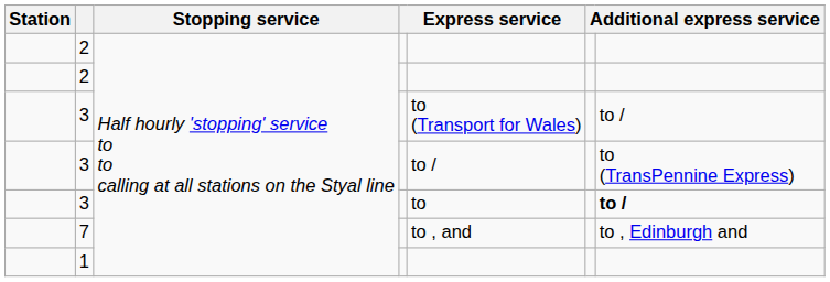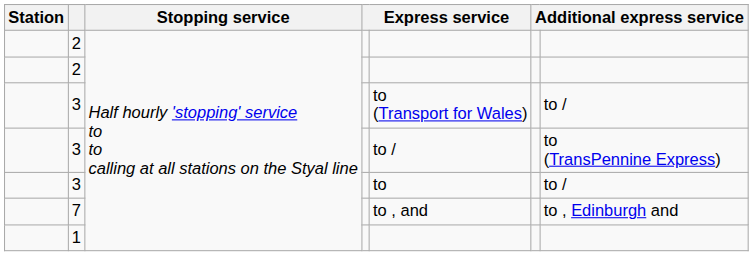 <table class="wikitable">
 <tr>
 <th>Station</th>
 <th></th>
 <th>Stopping service</th>
 <th colspan="2">Express service</th>
 <th colspan="2">Additional express service</th>
 </tr>
 <tr>
 <td></td>
 <td>2</td>
 <td rowspan="7"><em>Half hourly <a href='#'>'stopping' service</a> <br>  to  <br>  to <br> calling at all stations on the Styal line</em></td>
 <td></td>
 <td></td>
 <td></td>
 </tr>
 <tr>
 <td></td>
 <td>2</td>
 <td></td>
 <td></td>
 <td></td>
 <td></td>
 </tr>
 <tr>
 <td></td>
 <td>3</td>
 <td style="background:#"></td>
 <td> to  <br>(<a href='#'>Transport for Wales</a>)</td>
 <td style="background:#"></td>
 <td> to /</td>
 </tr>
 <tr>
 <td></td>
 <td>3</td>
 <td style="background:#"></td>
 <td> to /</td>
 <td style="background:#"></td>
 <td> to <br> (<a href='#'>TransPennine Express</a>)</td>
 </tr>
 <tr>
 <td></td>
 <td>3</td>
 <td style="background:#"></td>
 <td> to </td>
 <td style="background:#"></td>
-<td><strong> to /</strong></td>
+<td> to /</td>
 </tr>
 <tr>
 <td></td>
 <td>7</td>
 <td style="background:#"></td>
 <td>to ,  and </td>
 <td style="background:#"></td>
 <td>to , <a href='#'>Edinburgh</a> and </td>
 </tr>
 <tr>
 <td></td>
 <td>1</td>
 <td></td>
 <td></td>
 <td></td>
 <td></td>
 </tr>
 </table>
